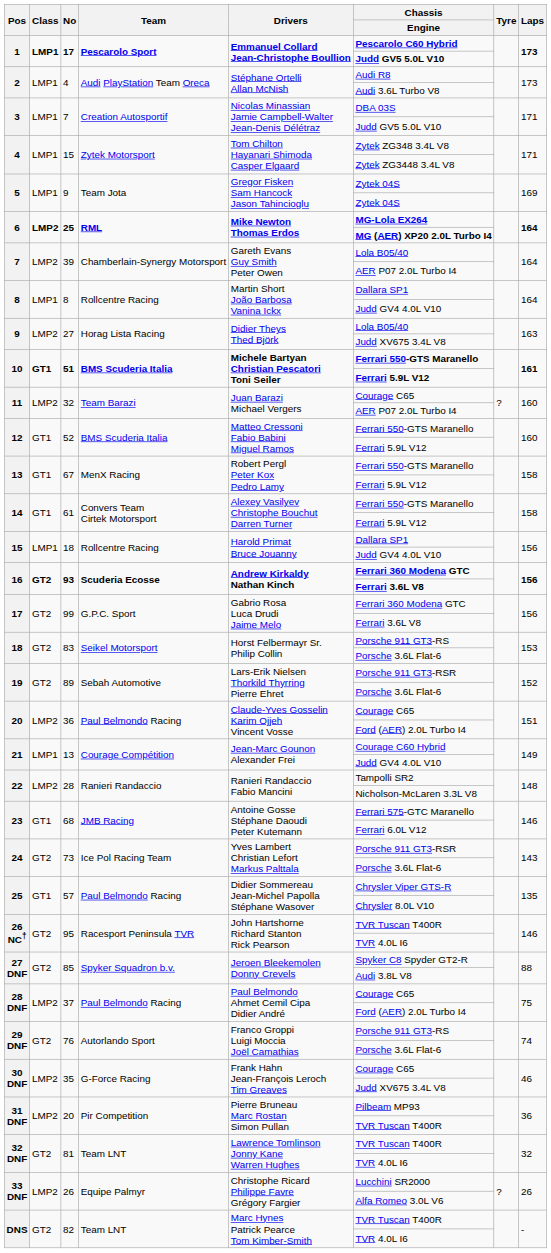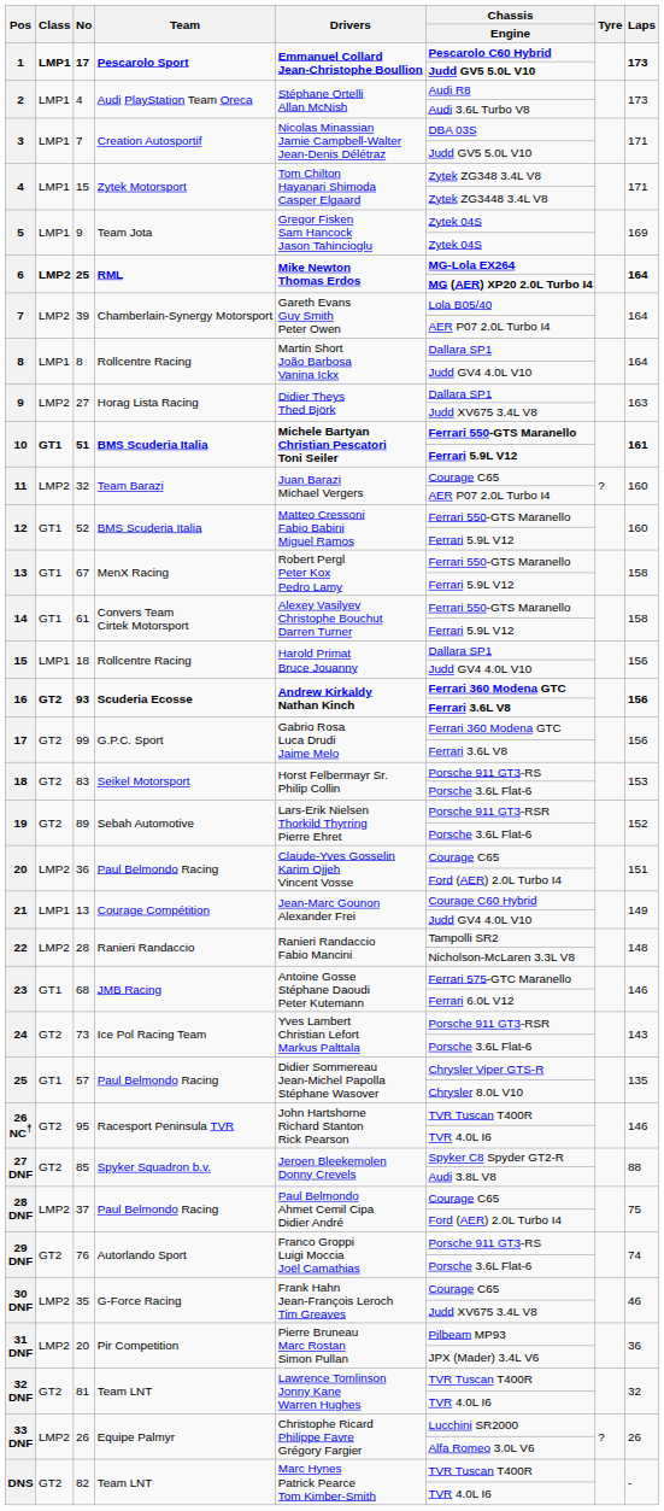 <table class="wikitable" style="font-size: 95%;">
 <tr>
 <th rowspan=2>Pos</th>
 <th rowspan=2>Class</th>
 <th rowspan=2>No</th>
 <th rowspan=2>Team</th>
 <th rowspan=2>Drivers</th>
 <th>Chassis</th>
 <th rowspan=2>Tyre</th>
 <th rowspan=2>Laps</th>
 </tr>
 <tr>
 <th>Engine</th>
 </tr>
 <tr style="font-weight:bold">
 <th rowspan=2>1</th>
 <td rowspan=2>LMP1</td>
 <td rowspan=2>17</td>
 <td rowspan=2> <a href='#'>Pescarolo Sport</a></td>
 <td rowspan=2> <a href='#'>Emmanuel Collard</a><br> <a href='#'>Jean-Christophe Boullion</a></td>
 <td><a href='#'>Pescarolo C60 Hybrid</a></td>
 <td rowspan=2></td>
 <td rowspan=2>173</td>
 </tr>
 <tr style="font-weight:bold">
 <td><a href='#'>Judd</a> GV5 5.0L V10</td>
 </tr>
 <tr>
 <th rowspan=2>2</th>
 <td rowspan=2>LMP1</td>
 <td rowspan=2>4</td>
 <td rowspan=2> <a href='#'>Audi</a> <a href='#'>PlayStation</a> Team <a href='#'>Oreca</a></td>
 <td rowspan=2> <a href='#'>Stéphane Ortelli</a><br> <a href='#'>Allan McNish</a></td>
 <td><a href='#'>Audi R8</a></td>
 <td rowspan=2></td>
 <td rowspan=2>173</td>
 </tr>
 <tr>
 <td><a href='#'>Audi</a> 3.6L Turbo V8</td>
 </tr>
 <tr>
 <th rowspan=2>3</th>
 <td rowspan=2>LMP1</td>
 <td rowspan=2>7</td>
 <td rowspan=2> <a href='#'>Creation Autosportif</a></td>
 <td rowspan=2> <a href='#'>Nicolas Minassian</a><br> <a href='#'>Jamie Campbell-Walter</a><br> <a href='#'>Jean-Denis Délétraz</a></td>
 <td><a href='#'>DBA 03S</a></td>
 <td rowspan=2></td>
 <td rowspan=2>171</td>
 </tr>
 <tr>
 <td><a href='#'>Judd</a> GV5 5.0L V10</td>
 </tr>
 <tr>
 <th rowspan=2>4</th>
 <td rowspan=2>LMP1</td>
 <td rowspan=2>15</td>
 <td rowspan=2> <a href='#'>Zytek Motorsport</a></td>
 <td rowspan=2> <a href='#'>Tom Chilton</a><br> <a href='#'>Hayanari Shimoda</a><br> <a href='#'>Casper Elgaard</a></td>
 <td><a href='#'>Zytek</a> ZG348 3.4L V8</td>
 <td rowspan=2></td>
 <td rowspan=2>171</td>
 </tr>
 <tr>
 <td><a href='#'>Zytek</a> ZG3448 3.4L V8</td>
 </tr>
 <tr>
 <th rowspan=2>5</th>
 <td rowspan=2>LMP1</td>
 <td rowspan=2>9</td>
 <td rowspan=2> Team Jota</td>
 <td rowspan=2> <a href='#'>Gregor Fisken</a><br> <a href='#'>Sam Hancock</a><br> <a href='#'>Jason Tahincioglu</a></td>
 <td><a href='#'>Zytek 04S</a></td>
 <td rowspan=2></td>
 <td rowspan=2>169</td>
 </tr>
 <tr>
 <td><a href='#'>Zytek 04S</a></td>
 </tr>
 <tr style="font-weight:bold">
 <th rowspan=2>6</th>
 <td rowspan=2>LMP2</td>
 <td rowspan=2>25</td>
 <td rowspan=2> <a href='#'>RML</a></td>
 <td rowspan=2> <a href='#'>Mike Newton</a><br> <a href='#'>Thomas Erdos</a></td>
 <td><a href='#'>MG-Lola EX264</a></td>
 <td rowspan=2></td>
 <td rowspan=2>164</td>
 </tr>
 <tr style="font-weight:bold">
 <td><a href='#'>MG</a> (<a href='#'>AER</a>) XP20 2.0L Turbo I4</td>
 </tr>
 <tr>
 <th rowspan=2>7</th>
 <td rowspan=2>LMP2</td>
 <td rowspan=2>39</td>
 <td rowspan=2> Chamberlain-Synergy Motorsport</td>
 <td rowspan=2> Gareth Evans<br> <a href='#'>Guy Smith</a><br> Peter Owen</td>
 <td><a href='#'>Lola B05/40</a></td>
 <td rowspan=2></td>
 <td rowspan=2>164</td>
 </tr>
 <tr>
 <td><a href='#'>AER</a> P07 2.0L Turbo I4</td>
 </tr>
 <tr>
 <th rowspan=2>8</th>
 <td rowspan=2>LMP1</td>
 <td rowspan=2>8</td>
 <td rowspan=2> Rollcentre Racing</td>
 <td rowspan=2> Martin Short<br> <a href='#'>João Barbosa</a><br> <a href='#'>Vanina Ickx</a></td>
 <td><a href='#'>Dallara SP1</a></td>
 <td rowspan=2></td>
 <td rowspan=2>164</td>
 </tr>
 <tr>
 <td><a href='#'>Judd</a> GV4 4.0L V10</td>
 </tr>
 <tr>
 <th rowspan=2>9</th>
 <td rowspan=2>LMP2</td>
 <td rowspan=2>27</td>
 <td rowspan=2> Horag Lista Racing</td>
 <td rowspan=2> <a href='#'>Didier Theys</a><br> <a href='#'>Thed Björk</a></td>
-<td><a href='#'>Lola B05/40</a></td>
+<td><a href='#'>Dallara SP1</a></td>
 <td rowspan=2></td>
 <td rowspan=2>163</td>
 </tr>
 <tr>
 <td><a href='#'>Judd</a> XV675 3.4L V8</td>
 </tr>
 <tr style="font-weight:bold">
 <th rowspan=2>10</th>
 <td rowspan=2>GT1</td>
 <td rowspan=2>51</td>
 <td rowspan=2> <a href='#'>BMS Scuderia Italia</a></td>
 <td rowspan=2> Michele Bartyan<br> <a href='#'>Christian Pescatori</a><br> Toni Seiler</td>
 <td><a href='#'>Ferrari 550</a>-GTS Maranello</td>
 <td rowspan=2></td>
 <td rowspan=2>161</td>
 </tr>
 <tr style="font-weight:bold">
 <td><a href='#'>Ferrari</a> 5.9L V12</td>
 </tr>
 <tr>
 <th rowspan=2>11</th>
 <td rowspan=2>LMP2</td>
 <td rowspan=2>32</td>
 <td rowspan=2> <a href='#'>Team Barazi</a></td>
 <td rowspan=2> <a href='#'>Juan Barazi</a><br> Michael Vergers</td>
 <td><a href='#'>Courage</a> C65</td>
 <td rowspan=2>?</td>
 <td rowspan=2>160</td>
 </tr>
 <tr>
 <td><a href='#'>AER</a> P07 2.0L Turbo I4</td>
 </tr>
 <tr>
 <th rowspan=2>12</th>
 <td rowspan=2>GT1</td>
 <td rowspan=2>52</td>
 <td rowspan=2> <a href='#'>BMS Scuderia Italia</a></td>
 <td rowspan=2> <a href='#'>Matteo Cressoni</a><br> <a href='#'>Fabio Babini</a><br> <a href='#'>Miguel Ramos</a></td>
 <td><a href='#'>Ferrari 550</a>-GTS Maranello</td>
 <td rowspan=2></td>
 <td rowspan=2>160</td>
 </tr>
 <tr>
 <td><a href='#'>Ferrari</a> 5.9L V12</td>
 </tr>
 <tr>
 <th rowspan=2>13</th>
 <td rowspan=2>GT1</td>
 <td rowspan=2>67</td>
 <td rowspan=2> MenX Racing</td>
 <td rowspan=2> Robert Pergl<br> <a href='#'>Peter Kox</a><br> <a href='#'>Pedro Lamy</a></td>
 <td><a href='#'>Ferrari 550</a>-GTS Maranello</td>
 <td rowspan=2></td>
 <td rowspan=2>158</td>
 </tr>
 <tr>
 <td><a href='#'>Ferrari</a> 5.9L V12</td>
 </tr>
 <tr>
 <th rowspan=2>14</th>
 <td rowspan=2>GT1</td>
 <td rowspan=2>61</td>
 <td rowspan=2> Convers Team<br> Cirtek Motorsport</td>
 <td rowspan=2> <a href='#'>Alexey Vasilyev</a><br> <a href='#'>Christophe Bouchut</a><br> <a href='#'>Darren Turner</a></td>
 <td><a href='#'>Ferrari 550</a>-GTS Maranello</td>
 <td rowspan=2></td>
 <td rowspan=2>158</td>
 </tr>
 <tr>
 <td><a href='#'>Ferrari</a> 5.9L V12</td>
 </tr>
 <tr>
 <th rowspan=2>15</th>
 <td rowspan=2>LMP1</td>
 <td rowspan=2>18</td>
 <td rowspan=2> Rollcentre Racing</td>
 <td rowspan=2> <a href='#'>Harold Primat</a><br> <a href='#'>Bruce Jouanny</a></td>
 <td><a href='#'>Dallara SP1</a></td>
 <td rowspan=2></td>
 <td rowspan=2>156</td>
 </tr>
 <tr>
 <td><a href='#'>Judd</a> GV4 4.0L V10</td>
 </tr>
 <tr style="font-weight:bold">
 <th rowspan=2>16</th>
 <td rowspan=2>GT2</td>
 <td rowspan=2>93</td>
 <td rowspan=2> Scuderia Ecosse</td>
 <td rowspan=2> <a href='#'>Andrew Kirkaldy</a><br> Nathan Kinch</td>
 <td><a href='#'>Ferrari 360 Modena</a> GTC</td>
 <td rowspan=2></td>
 <td rowspan=2>156</td>
 </tr>
 <tr style="font-weight:bold">
 <td><a href='#'>Ferrari</a> 3.6L V8</td>
 </tr>
 <tr>
 <th rowspan=2>17</th>
 <td rowspan=2>GT2</td>
 <td rowspan=2>99</td>
 <td rowspan=2> G.P.C. Sport</td>
 <td rowspan=2> Gabrio Rosa<br> Luca Drudi<br> <a href='#'>Jaime Melo</a></td>
 <td><a href='#'>Ferrari 360 Modena</a> GTC</td>
 <td rowspan=2></td>
 <td rowspan=2>156</td>
 </tr>
 <tr>
 <td><a href='#'>Ferrari</a> 3.6L V8</td>
 </tr>
 <tr>
 <th rowspan=2>18</th>
 <td rowspan=2>GT2</td>
 <td rowspan=2>83</td>
 <td rowspan=2> <a href='#'>Seikel Motorsport</a></td>
 <td rowspan=2> Horst Felbermayr Sr.<br> Philip Collin</td>
 <td><a href='#'>Porsche 911 GT3</a>-RS</td>
 <td rowspan=2></td>
 <td rowspan=2>153</td>
 </tr>
 <tr>
 <td><a href='#'>Porsche</a> 3.6L Flat-6</td>
 </tr>
 <tr>
 <th rowspan=2>19</th>
 <td rowspan=2>GT2</td>
 <td rowspan=2>89</td>
 <td rowspan=2> Sebah Automotive</td>
 <td rowspan=2> Lars-Erik Nielsen<br> <a href='#'>Thorkild Thyrring</a><br> Pierre Ehret</td>
 <td><a href='#'>Porsche 911 GT3</a>-RSR</td>
 <td rowspan=2></td>
 <td rowspan=2>152</td>
 </tr>
 <tr>
 <td><a href='#'>Porsche</a> 3.6L Flat-6</td>
 </tr>
 <tr>
 <th rowspan=2>20</th>
 <td rowspan=2>LMP2</td>
 <td rowspan=2>36</td>
 <td rowspan=2> <a href='#'>Paul Belmondo</a> Racing</td>
 <td rowspan=2> <a href='#'>Claude-Yves Gosselin</a><br> <a href='#'>Karim Ojjeh</a><br> Vincent Vosse</td>
 <td><a href='#'>Courage</a> C65</td>
 <td rowspan=2></td>
 <td rowspan=2>151</td>
 </tr>
 <tr>
 <td><a href='#'>Ford</a> (<a href='#'>AER</a>) 2.0L Turbo I4</td>
 </tr>
 <tr>
 <th rowspan=2>21</th>
 <td rowspan=2>LMP1</td>
 <td rowspan=2>13</td>
 <td rowspan=2> <a href='#'>Courage Compétition</a></td>
 <td rowspan=2> <a href='#'>Jean-Marc Gounon</a><br> Alexander Frei</td>
 <td><a href='#'>Courage C60 Hybrid</a></td>
 <td rowspan=2></td>
 <td rowspan=2>149</td>
 </tr>
 <tr>
 <td><a href='#'>Judd</a> GV4 4.0L V10</td>
 </tr>
 <tr>
 <th rowspan=2>22</th>
 <td rowspan=2>LMP2</td>
 <td rowspan=2>28</td>
 <td rowspan=2> Ranieri Randaccio</td>
 <td rowspan=2> Ranieri Randaccio<br> Fabio Mancini</td>
 <td>Tampolli SR2</td>
 <td rowspan=2></td>
 <td rowspan=2>148</td>
 </tr>
 <tr>
 <td>Nicholson-McLaren 3.3L V8</td>
 </tr>
 <tr>
 <th rowspan=2>23</th>
 <td rowspan=2>GT1</td>
 <td rowspan=2>68</td>
 <td rowspan=2> <a href='#'>JMB Racing</a></td>
 <td rowspan=2> Antoine Gosse<br> Stéphane Daoudi<br> Peter Kutemann</td>
 <td><a href='#'>Ferrari 575</a>-GTC Maranello</td>
 <td rowspan=2></td>
 <td rowspan=2>146</td>
 </tr>
 <tr>
 <td><a href='#'>Ferrari</a> 6.0L V12</td>
 </tr>
 <tr>
 <th rowspan=2>24</th>
 <td rowspan=2>GT2</td>
 <td rowspan=2>73</td>
 <td rowspan=2> Ice Pol Racing Team</td>
 <td rowspan=2> Yves Lambert<br> Christian Lefort<br> <a href='#'>Markus Palttala</a></td>
 <td><a href='#'>Porsche 911 GT3</a>-RSR</td>
 <td rowspan=2></td>
 <td rowspan=2>143</td>
 </tr>
 <tr>
 <td><a href='#'>Porsche</a> 3.6L Flat-6</td>
 </tr>
 <tr>
 <th rowspan=2>25</th>
 <td rowspan=2>GT1</td>
 <td rowspan=2>57</td>
 <td rowspan=2> <a href='#'>Paul Belmondo</a> Racing</td>
 <td rowspan=2> Didier Sommereau<br> Jean-Michel Papolla<br> Stéphane Wasover</td>
 <td><a href='#'>Chrysler Viper GTS-R</a></td>
 <td rowspan=2></td>
 <td rowspan=2>135</td>
 </tr>
 <tr>
 <td><a href='#'>Chrysler</a> 8.0L V10</td>
 </tr>
 <tr>
 <th rowspan=2>26<br>NC<sup>†</sup></th>
 <td rowspan=2>GT2</td>
 <td rowspan=2>95</td>
 <td rowspan=2> Racesport Peninsula <a href='#'>TVR</a></td>
 <td rowspan=2> John Hartshorne<br> Richard Stanton<br> Rick Pearson</td>
 <td><a href='#'>TVR Tuscan</a> T400R</td>
 <td rowspan=2></td>
 <td rowspan=2>146</td>
 </tr>
 <tr>
 <td><a href='#'>TVR</a> 4.0L I6</td>
 </tr>
 <tr>
 <th rowspan=2>27<br>DNF</th>
 <td rowspan=2>GT2</td>
 <td rowspan=2>85</td>
 <td rowspan=2> <a href='#'>Spyker Squadron b.v.</a></td>
 <td rowspan=2> <a href='#'>Jeroen Bleekemolen</a><br> <a href='#'>Donny Crevels</a></td>
 <td><a href='#'>Spyker C8</a> Spyder GT2-R</td>
 <td rowspan=2></td>
 <td rowspan=2>88</td>
 </tr>
 <tr>
 <td><a href='#'>Audi</a> 3.8L V8</td>
 </tr>
 <tr>
 <th rowspan=2>28<br>DNF</th>
 <td rowspan=2>LMP2</td>
 <td rowspan=2>37</td>
 <td rowspan=2> <a href='#'>Paul Belmondo</a> Racing</td>
 <td rowspan=2> <a href='#'>Paul Belmondo</a><br> Ahmet Cemil Cipa<br> Didier André</td>
 <td><a href='#'>Courage</a> C65</td>
 <td rowspan=2></td>
 <td rowspan=2>75</td>
 </tr>
 <tr>
 <td><a href='#'>Ford</a> (<a href='#'>AER</a>) 2.0L Turbo I4</td>
 </tr>
 <tr>
 <th rowspan=2>29<br>DNF</th>
 <td rowspan=2>GT2</td>
 <td rowspan=2>76</td>
 <td rowspan=2> Autorlando Sport</td>
 <td rowspan=2> Franco Groppi<br> Luigi Moccia<br> <a href='#'>Joël Camathias</a></td>
 <td><a href='#'>Porsche 911 GT3</a>-RS</td>
 <td rowspan=2></td>
 <td rowspan=2>74</td>
 </tr>
 <tr>
 <td><a href='#'>Porsche</a> 3.6L Flat-6</td>
 </tr>
 <tr>
 <th rowspan=2>30<br>DNF</th>
 <td rowspan=2>LMP2</td>
 <td rowspan=2>35</td>
 <td rowspan=2> G-Force Racing</td>
 <td rowspan=2> Frank Hahn<br> Jean-François Leroch<br> <a href='#'>Tim Greaves</a></td>
 <td><a href='#'>Courage</a> C65</td>
 <td rowspan=2></td>
 <td rowspan=2>46</td>
 </tr>
 <tr>
 <td><a href='#'>Judd</a> XV675 3.4L V8</td>
 </tr>
 <tr>
 <th rowspan=2>31<br>DNF</th>
 <td rowspan=2>LMP2</td>
 <td rowspan=2>20</td>
 <td rowspan=2> Pir Competition</td>
 <td rowspan=2> Pierre Bruneau<br> <a href='#'>Marc Rostan</a><br> Simon Pullan</td>
 <td><a href='#'>Pilbeam</a> MP93</td>
 <td rowspan=2></td>
 <td rowspan=2>36</td>
 </tr>
 <tr>
-<td><a href='#'>TVR Tuscan</a> T400R</td>
+<td>JPX (Mader) 3.4L V6</td>
 </tr>
 <tr>
 <th rowspan=2>32<br>DNF</th>
 <td rowspan=2>GT2</td>
 <td rowspan=2>81</td>
 <td rowspan=2> Team LNT</td>
 <td rowspan=2> <a href='#'>Lawrence Tomlinson</a><br> <a href='#'>Jonny Kane</a><br> <a href='#'>Warren Hughes</a></td>
 <td><a href='#'>TVR Tuscan</a> T400R</td>
 <td rowspan=2></td>
 <td rowspan=2>32</td>
 </tr>
 <tr>
 <td><a href='#'>TVR</a> 4.0L I6</td>
 </tr>
 <tr>
 <th rowspan=2>33<br>DNF</th>
 <td rowspan=2>LMP2</td>
 <td rowspan=2>26</td>
 <td rowspan=2> Equipe Palmyr</td>
 <td rowspan=2> Christophe Ricard<br> <a href='#'>Philippe Favre</a><br> Grégory Fargier</td>
 <td><a href='#'>Lucchini</a> SR2000</td>
 <td rowspan=2>?</td>
 <td rowspan=2>26</td>
 </tr>
 <tr>
 <td><a href='#'>Alfa Romeo</a> 3.0L V6</td>
 </tr>
 <tr>
 <th rowspan=2>DNS</th>
 <td rowspan=2>GT2</td>
 <td rowspan=2>82</td>
 <td rowspan=2> Team LNT</td>
 <td rowspan=2> <a href='#'>Marc Hynes</a><br> Patrick Pearce<br> <a href='#'>Tom Kimber-Smith</a></td>
 <td><a href='#'>TVR Tuscan</a> T400R</td>
 <td rowspan=2></td>
 <td rowspan=2>-</td>
 </tr>
 <tr>
 <td><a href='#'>TVR</a> 4.0L I6</td>
 </tr>
 </table>
